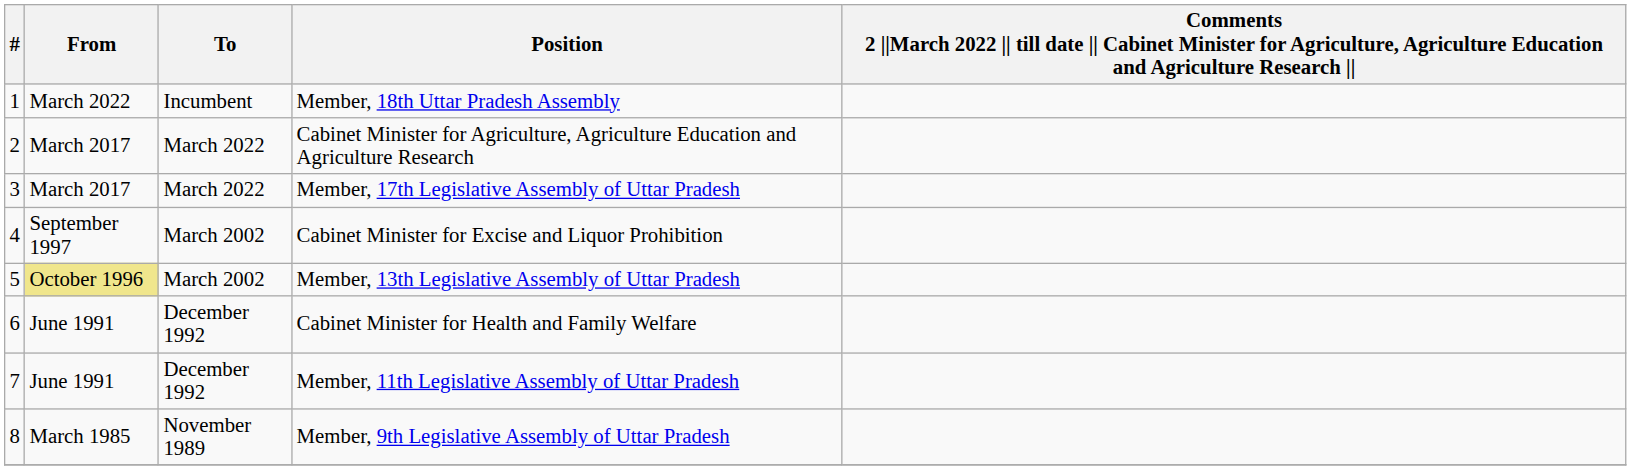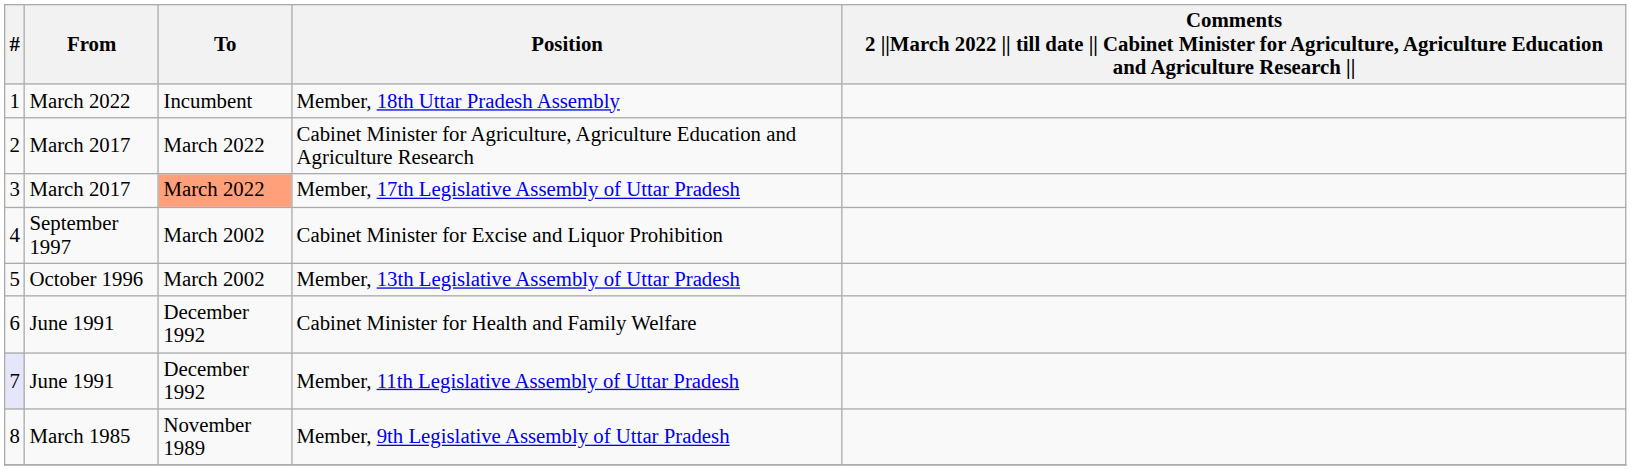 <table class="wikitable sortable">
 <tr>
 <th>#</th>
 <th>From</th>
 <th>To</th>
 <th>Position</th>
 <th>Comments<br>2 ||March 2022 || till date || Cabinet Minister for Agriculture, Agriculture Education and Agriculture Research ||</th>
 </tr>
 <tr>
 <td>1</td>
 <td>March 2022</td>
 <td>Incumbent</td>
 <td>Member, <a href='#'>18th Uttar Pradesh Assembly</a></td>
 <td></td>
 </tr>
 <tr>
 <td>2</td>
 <td>March 2017</td>
 <td>March 2022</td>
 <td>Cabinet Minister for Agriculture, Agriculture Education and Agriculture Research</td>
 <td></td>
 </tr>
 <tr>
 <td>3</td>
 <td>March 2017</td>
-<td>March 2022</td>
+<td style="background: lightsalmon;">March 2022</td>
 <td>Member, <a href='#'>17th Legislative Assembly of Uttar Pradesh</a></td>
 <td></td>
 </tr>
 <tr>
 <td>4</td>
 <td>September 1997</td>
 <td>March 2002</td>
 <td>Cabinet Minister for Excise and Liquor Prohibition</td>
 <td></td>
 </tr>
 <tr>
 <td>5</td>
-<td style="background: khaki;">October 1996</td>
+<td>October 1996</td>
 <td>March 2002</td>
 <td>Member, <a href='#'>13th Legislative Assembly of Uttar Pradesh</a></td>
 <td></td>
 </tr>
 <tr>
 <td>6</td>
 <td>June 1991</td>
 <td>December 1992</td>
 <td>Cabinet Minister for Health and Family Welfare</td>
 <td></td>
 </tr>
 <tr>
-<td>7</td>
+<td style="background: lavender;">7</td>
 <td>June 1991</td>
 <td>December 1992</td>
 <td>Member, <a href='#'>11th Legislative Assembly of Uttar Pradesh</a></td>
 <td></td>
 </tr>
 <tr>
 <td>8</td>
 <td>March 1985</td>
 <td>November 1989</td>
 <td>Member, <a href='#'>9th Legislative Assembly of Uttar Pradesh</a></td>
 <td></td>
 </tr>
 <tr>
 </tr>
 </table>
